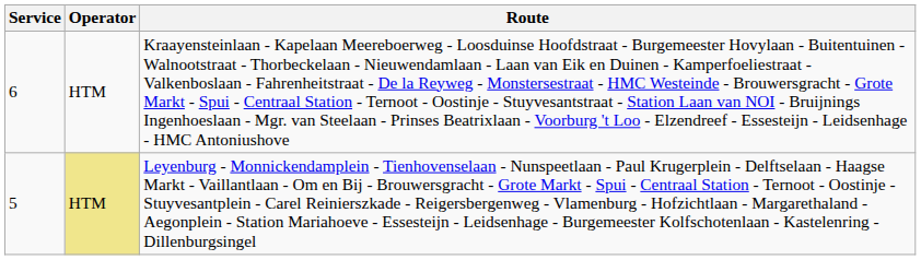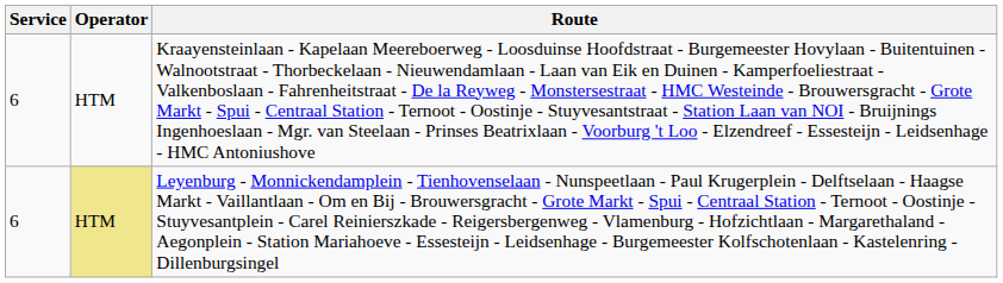 <table class="wikitable vatop">
 <tr>
 <th>Service</th>
 <th>Operator</th>
 <th>Route</th>
 </tr>
 <tr>
 <td>6</td>
 <td>HTM</td>
 <td>Kraayensteinlaan - Kapelaan Meereboerweg - Loosduinse Hoofdstraat - Burgemeester Hovylaan - Buitentuinen - Walnootstraat - Thorbeckelaan - Nieuwendamlaan - Laan van Eik en Duinen - Kamperfoeliestraat - Valkenboslaan - Fahrenheitstraat - <a href='#'>De la Reyweg</a> - <a href='#'>Monstersestraat</a> - <a href='#'>HMC Westeinde</a> - Brouwersgracht - <a href='#'>Grote Markt</a> - <a href='#'>Spui</a> - <a href='#'>Centraal Station</a> - Ternoot - Oostinje - Stuyvesantstraat - <a href='#'>Station Laan van NOI</a> - Bruijnings Ingenhoeslaan - Mgr. van Steelaan - Prinses Beatrixlaan - <a href='#'>Voorburg 't Loo</a> - Elzendreef - Essesteijn - Leidsenhage - HMC Antoniushove</td>
 </tr>
 <tr>
-<td>5</td>
+<td>6</td>
 <td style="background: khaki;">HTM</td>
 <td><a href='#'>Leyenburg</a> - <a href='#'>Monnickendamplein</a> - <a href='#'>Tienhovenselaan</a> - Nunspeetlaan - Paul Krugerplein - Delftselaan - Haagse Markt - Vaillantlaan - Om en Bij - Brouwersgracht - <a href='#'>Grote Markt</a> - <a href='#'>Spui</a> - <a href='#'>Centraal Station</a> - Ternoot - Oostinje - Stuyvesantplein - Carel Reinierszkade - Reigersbergenweg - Vlamenburg - Hofzichtlaan - Margarethaland - Aegonplein - Station Mariahoeve - Essesteijn - Leidsenhage - Burgemeester Kolfschotenlaan - Kastelenring - Dillenburgsingel</td>
 </tr>
 </table>
